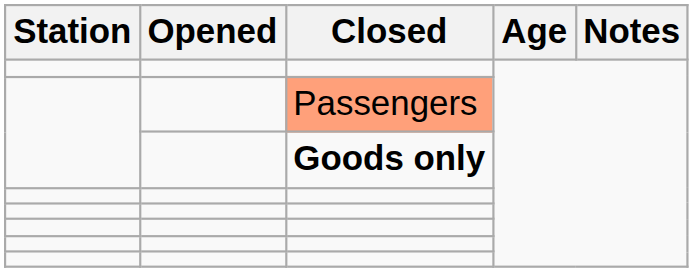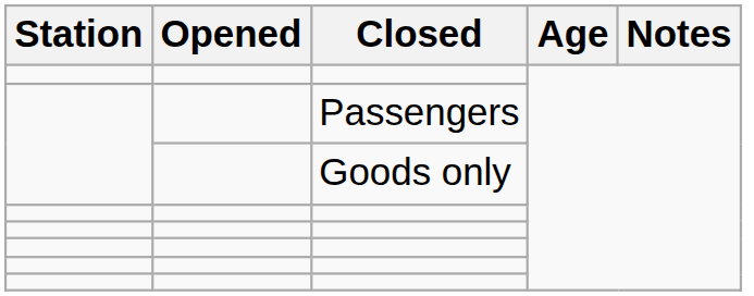 <table class="wikitable sortable">
 <tr>
 <th>Station</th>
 <th>Opened</th>
 <th>Closed</th>
 <th>Age</th>
 <th scope=col class=unsortable>Notes</th>
 </tr>
 <tr>
 <td></td>
 <td></td>
 <td></td>
 </tr>
 <tr>
 <td rowspan="2"></td>
 <td></td>
-<td style="background: lightsalmon;">Passengers</td>
+<td>Passengers</td>
 </tr>
 <tr>
 <td></td>
-<td><strong>Goods only</strong></td>
+<td>Goods only</td>
 </tr>
 <tr>
 <td></td>
 <td></td>
 <td></td>
 </tr>
 <tr>
 <td></td>
 <td></td>
 <td></td>
 </tr>
 <tr>
 <td></td>
 <td></td>
 <td></td>
 </tr>
 <tr>
 <td></td>
 <td></td>
 <td></td>
 </tr>
 <tr>
 <td></td>
 <td></td>
 <td></td>
 </tr>
 </table>
